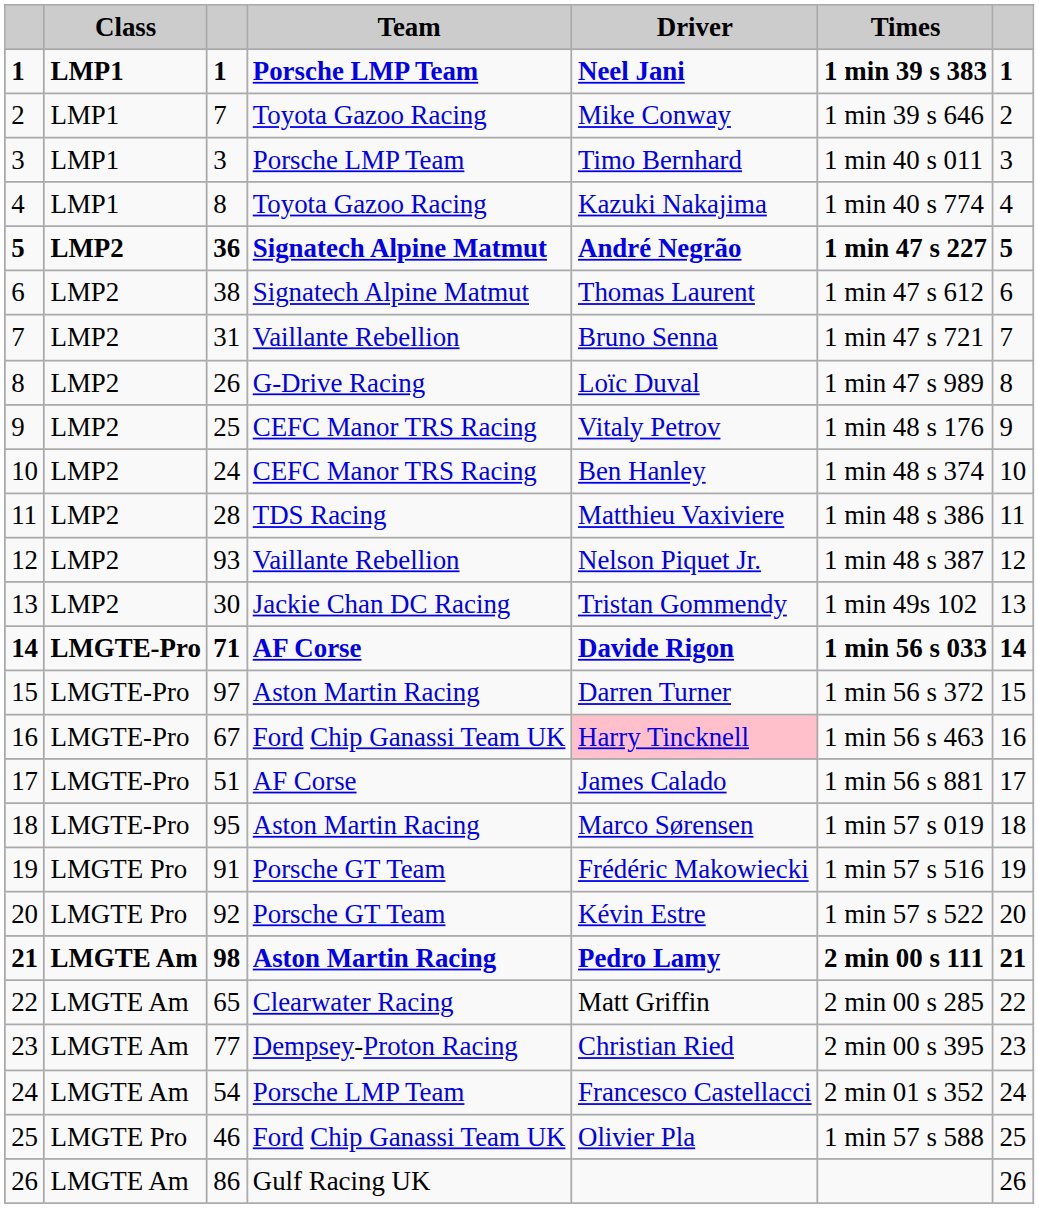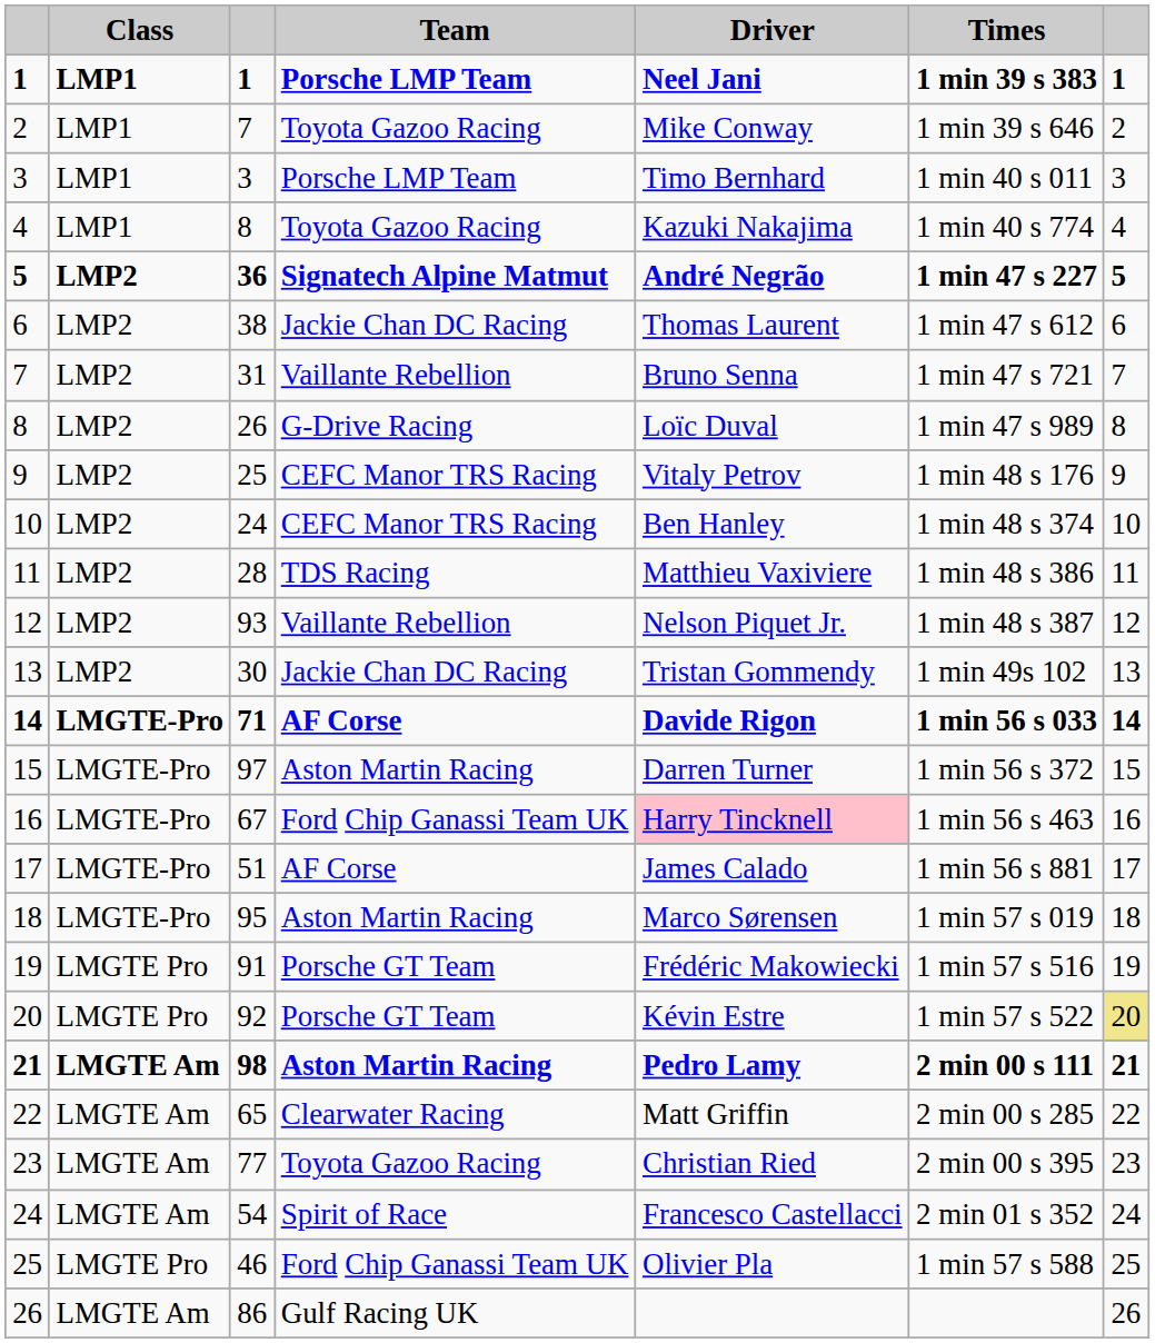 <table class="wikitable alternance" style="font-size:95%;">
 <tr>
 <th scope=col style="background-color:#CCCCCC;"></th>
 <th scope=col style="background-color:#CCCCCC;">Class</th>
 <th scope=col style="background-color:#CCCCCC;"></th>
 <th scope=col style="background-color:#CCCCCC;">Team</th>
 <th scope=col style="background-color:#CCCCCC;">Driver</th>
 <th scope=col style="background-color:#CCCCCC;">Times</th>
 <th scope=col style="background-color:#CCCCCC;"></th>
 </tr>
 <tr style="font-weight:bold">
 <td>1</td>
 <td>LMP1</td>
 <td>1</td>
 <td> <a href='#'>Porsche LMP Team</a></td>
 <td> <a href='#'>Neel Jani</a></td>
 <td>1 min 39 s 383</td>
 <td>1</td>
 </tr>
 <tr>
 <td>2</td>
 <td>LMP1</td>
 <td>7</td>
 <td> <a href='#'>Toyota Gazoo Racing</a></td>
 <td> <a href='#'>Mike Conway</a></td>
 <td>1 min 39 s 646</td>
 <td>2</td>
 </tr>
 <tr>
 <td>3</td>
 <td>LMP1</td>
 <td>3</td>
 <td> <a href='#'>Porsche LMP Team</a></td>
 <td> <a href='#'>Timo Bernhard</a></td>
 <td>1 min 40 s 011</td>
 <td>3</td>
 </tr>
 <tr>
 <td>4</td>
 <td>LMP1</td>
 <td>8</td>
 <td> <a href='#'>Toyota Gazoo Racing</a></td>
 <td> <a href='#'>Kazuki Nakajima</a></td>
 <td>1 min 40 s 774</td>
 <td>4</td>
 </tr>
 <tr style="font-weight:bold">
 <td>5</td>
 <td>LMP2</td>
 <td>36</td>
 <td> <a href='#'>Signatech Alpine Matmut</a></td>
 <td> <a href='#'>André Negrão</a></td>
 <td>1 min 47 s 227</td>
 <td>5</td>
 </tr>
 <tr>
 <td>6</td>
 <td>LMP2</td>
 <td>38</td>
-<td> <a href='#'>Signatech Alpine Matmut</a></td>
+<td> <a href='#'>Jackie Chan DC Racing</a></td>
 <td> <a href='#'>Thomas Laurent</a></td>
 <td>1 min 47 s 612</td>
 <td>6</td>
 </tr>
 <tr>
 <td>7</td>
 <td>LMP2</td>
 <td>31</td>
 <td> <a href='#'>Vaillante Rebellion</a></td>
 <td> <a href='#'>Bruno Senna</a></td>
 <td>1 min 47 s 721</td>
 <td>7</td>
 </tr>
 <tr>
 <td>8</td>
 <td>LMP2</td>
 <td>26</td>
 <td> <a href='#'>G-Drive Racing</a></td>
 <td> <a href='#'>Loïc Duval</a></td>
 <td>1 min 47 s 989</td>
 <td>8</td>
 </tr>
 <tr>
 <td>9</td>
 <td>LMP2</td>
 <td>25</td>
 <td> <a href='#'>CEFC Manor TRS Racing</a></td>
 <td> <a href='#'>Vitaly Petrov</a></td>
 <td>1 min 48 s 176</td>
 <td>9</td>
 </tr>
 <tr>
 <td>10</td>
 <td>LMP2</td>
 <td>24</td>
 <td> <a href='#'>CEFC Manor TRS Racing</a></td>
 <td> <a href='#'>Ben Hanley</a></td>
 <td>1 min 48 s 374</td>
 <td>10</td>
 </tr>
 <tr>
 <td>11</td>
 <td>LMP2</td>
 <td>28</td>
 <td> <a href='#'>TDS Racing</a></td>
 <td> <a href='#'>Matthieu Vaxiviere</a></td>
 <td>1 min 48 s 386</td>
 <td>11</td>
 </tr>
 <tr>
 <td>12</td>
 <td>LMP2</td>
 <td>93</td>
 <td> <a href='#'>Vaillante Rebellion</a></td>
 <td> <a href='#'>Nelson Piquet Jr.</a></td>
 <td>1 min 48 s 387</td>
 <td>12</td>
 </tr>
 <tr>
 <td>13</td>
 <td>LMP2</td>
 <td>30</td>
 <td> <a href='#'>Jackie Chan DC Racing</a></td>
 <td> <a href='#'>Tristan Gommendy</a></td>
 <td>1 min 49s 102</td>
 <td>13</td>
 </tr>
 <tr style="font-weight:bold">
 <td>14</td>
 <td>LMGTE-Pro</td>
 <td>71</td>
 <td> <a href='#'>AF Corse</a></td>
 <td> <a href='#'>Davide Rigon</a></td>
 <td>1 min 56 s 033</td>
 <td>14</td>
 </tr>
 <tr>
 <td>15</td>
 <td>LMGTE-Pro</td>
 <td>97</td>
 <td> <a href='#'>Aston Martin Racing</a></td>
 <td> <a href='#'>Darren Turner</a></td>
 <td>1 min 56 s 372</td>
 <td>15</td>
 </tr>
 <tr>
 <td>16</td>
 <td>LMGTE-Pro</td>
 <td>67</td>
 <td> <a href='#'>Ford</a> <a href='#'>Chip Ganassi Team UK</a></td>
 <td style="background: pink;"> <a href='#'>Harry Tincknell</a></td>
 <td>1 min 56 s 463</td>
 <td>16</td>
 </tr>
 <tr>
 <td>17</td>
 <td>LMGTE-Pro</td>
 <td>51</td>
 <td> <a href='#'>AF Corse</a></td>
 <td> <a href='#'>James Calado</a></td>
 <td>1 min 56 s 881</td>
 <td>17</td>
 </tr>
 <tr>
 <td>18</td>
 <td>LMGTE-Pro</td>
 <td>95</td>
 <td> <a href='#'>Aston Martin Racing</a></td>
 <td> <a href='#'>Marco Sørensen</a></td>
 <td>1 min 57 s 019</td>
 <td>18</td>
 </tr>
 <tr>
 <td>19</td>
 <td>LMGTE Pro</td>
 <td>91</td>
 <td> <a href='#'>Porsche GT Team</a></td>
 <td> <a href='#'>Frédéric Makowiecki</a></td>
 <td>1 min 57 s 516</td>
 <td>19</td>
 </tr>
 <tr>
 <td>20</td>
 <td>LMGTE Pro</td>
 <td>92</td>
 <td> <a href='#'>Porsche GT Team</a></td>
 <td> <a href='#'>Kévin Estre</a></td>
 <td>1 min 57 s 522</td>
-<td>20</td>
+<td style="background: khaki;">20</td>
 </tr>
 <tr style="font-weight:bold">
 <td>21</td>
 <td>LMGTE Am</td>
 <td>98</td>
 <td> <a href='#'>Aston Martin Racing</a></td>
 <td> <a href='#'>Pedro Lamy</a></td>
 <td>2 min 00 s 111</td>
 <td>21</td>
 </tr>
 <tr>
 <td>22</td>
 <td>LMGTE Am</td>
 <td>65</td>
 <td> <a href='#'>Clearwater Racing</a></td>
 <td> Matt Griffin</td>
 <td>2 min 00 s 285</td>
 <td>22</td>
 </tr>
 <tr>
 <td>23</td>
 <td>LMGTE Am</td>
 <td>77</td>
-<td> <a href='#'>Dempsey</a>-<a href='#'>Proton Racing</a></td>
+<td> <a href='#'>Toyota Gazoo Racing</a></td>
 <td> <a href='#'>Christian Ried</a></td>
 <td>2 min 00 s 395</td>
 <td>23</td>
 </tr>
 <tr>
 <td>24</td>
 <td>LMGTE Am</td>
 <td>54</td>
-<td> <a href='#'>Porsche LMP Team</a></td>
+<td> <a href='#'>Spirit of Race</a></td>
 <td> <a href='#'>Francesco Castellacci</a></td>
 <td>2 min 01 s 352</td>
 <td>24</td>
 </tr>
 <tr>
 <td>25</td>
 <td>LMGTE Pro</td>
 <td>46</td>
 <td> <a href='#'>Ford</a> <a href='#'>Chip Ganassi Team UK</a></td>
 <td> <a href='#'>Olivier Pla</a></td>
 <td>1 min 57 s 588</td>
 <td>25</td>
 </tr>
 <tr>
 <td>26</td>
 <td>LMGTE Am</td>
 <td>86</td>
 <td> Gulf Racing UK</td>
 <td></td>
 <td></td>
 <td>26</td>
 </tr>
 </table>
